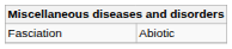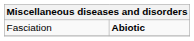 <table class="wikitable" style="clear">
 <tr>
 <th colspan=2><strong>Miscellaneous diseases and disorders</strong><br></th>
 </tr>
 <tr>
 <td>Fasciation</td>
-<td>Abiotic</td>
+<td><strong>Abiotic</strong></td>
 </tr>
 <tr>
 </tr>
 </table>
